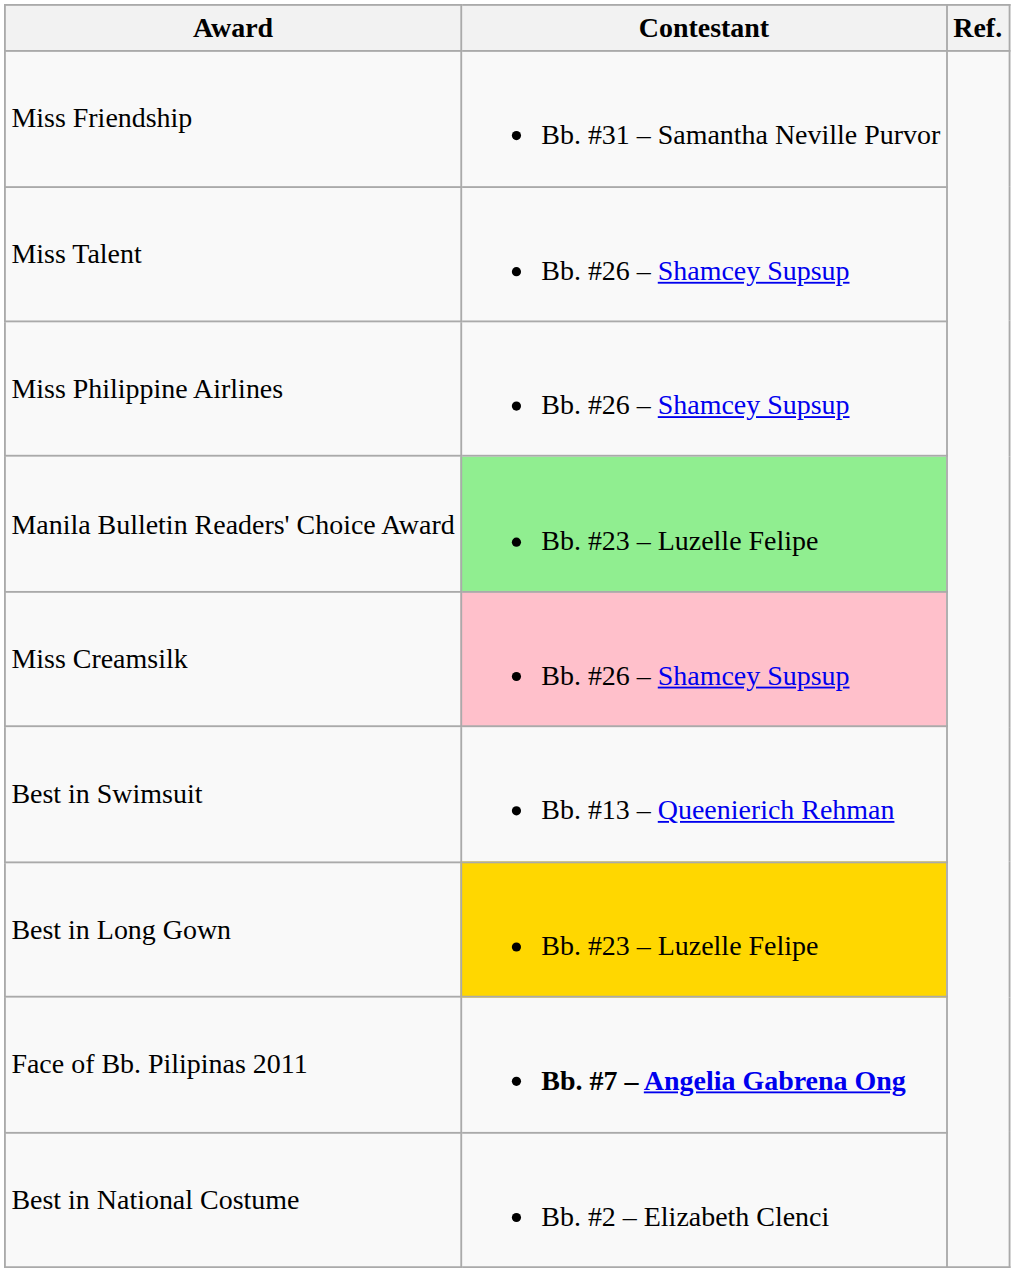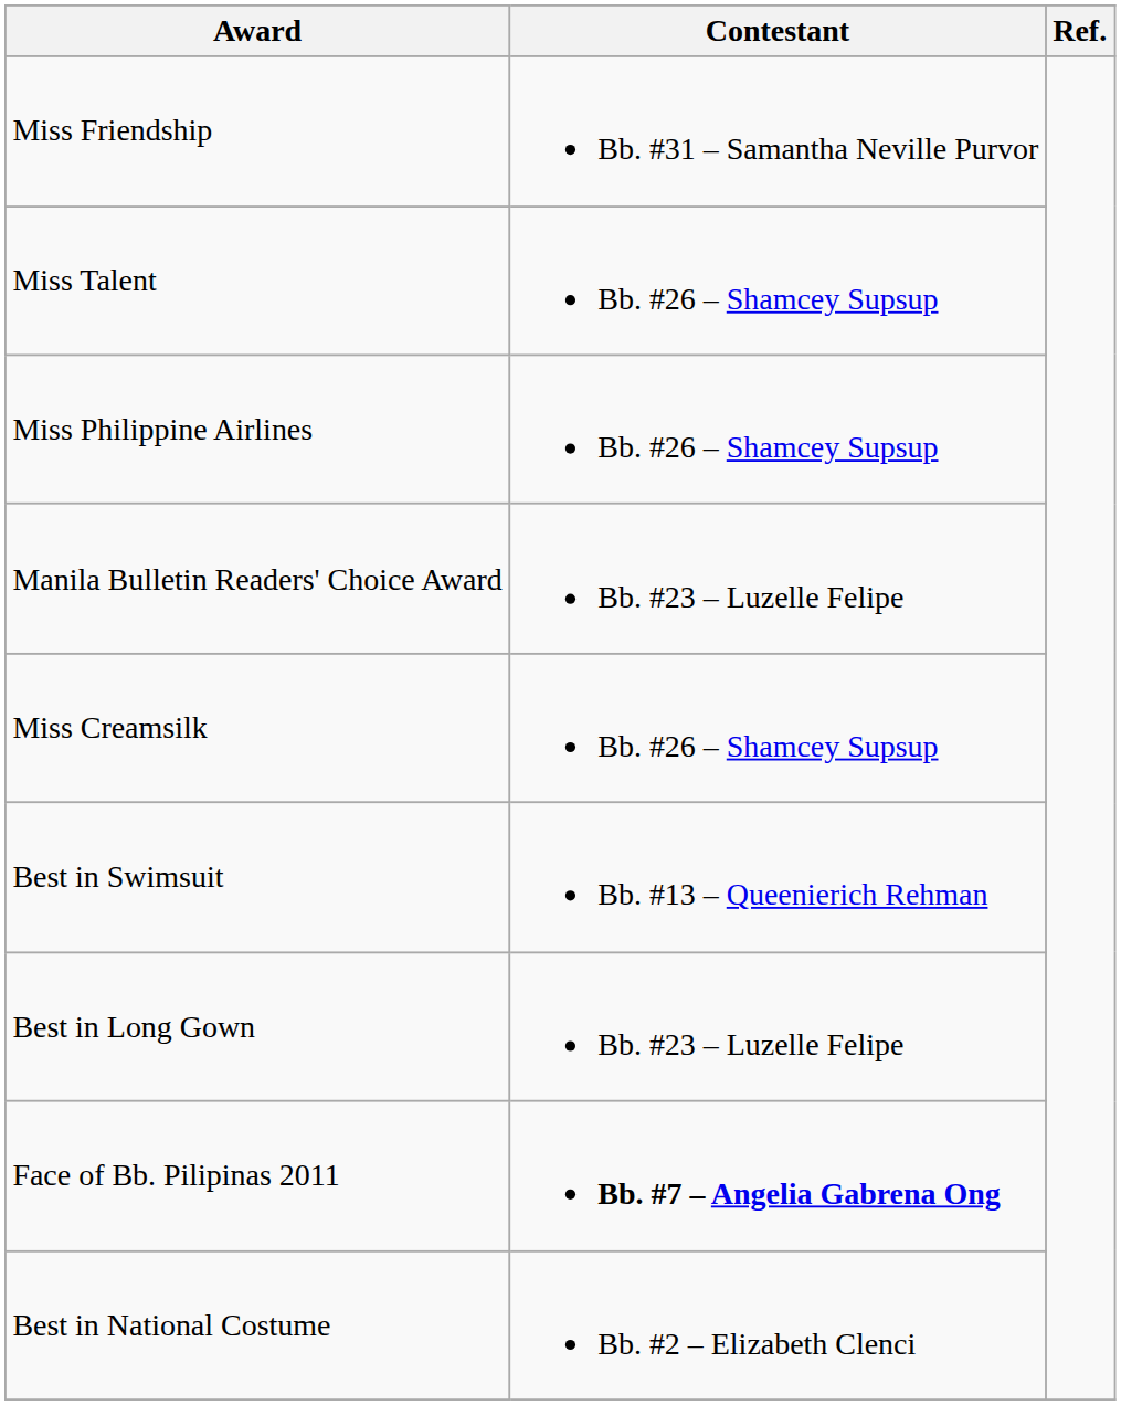 <table class="wikitable sortable" style="font-size: 95%;">
 <tr>
 <th>Award</th>
 <th>Contestant</th>
 <th>Ref.</th>
 </tr>
 <tr>
 <td>Miss Friendship</td>
 <td><br><ul><li>Bb. #31 – Samantha Neville Purvor</li></ul></td>
 <td rowspan="9"></td>
 </tr>
 <tr>
 <td>Miss Talent</td>
 <td><br><ul><li>Bb. #26 – <a href='#'>Shamcey Supsup</a></li></ul></td>
 </tr>
 <tr>
 <td>Miss Philippine Airlines</td>
 <td><br><ul><li>Bb. #26 – <a href='#'>Shamcey Supsup</a></li></ul></td>
 </tr>
 <tr>
 <td>Manila Bulletin Readers' Choice Award</td>
-<td style="background: lightgreen;"><br><ul><li>Bb. #23 – Luzelle Felipe</li></ul></td>
+<td><br><ul><li>Bb. #23 – Luzelle Felipe</li></ul></td>
 </tr>
 <tr>
 <td>Miss Creamsilk</td>
-<td style="background: pink;"><br><ul><li>Bb. #26 – <a href='#'>Shamcey Supsup</a></li></ul></td>
+<td><br><ul><li>Bb. #26 – <a href='#'>Shamcey Supsup</a></li></ul></td>
 </tr>
 <tr>
 <td>Best in Swimsuit</td>
 <td><br><ul><li>Bb. #13 – <a href='#'>Queenierich Rehman</a></li></ul></td>
 </tr>
 <tr>
 <td>Best in Long Gown</td>
-<td style="background: gold;"><br><ul><li>Bb. #23 – Luzelle Felipe</li></ul></td>
+<td><br><ul><li>Bb. #23 – Luzelle Felipe</li></ul></td>
 </tr>
 <tr>
 <td>Face of Bb. Pilipinas 2011</td>
 <td><strong><br><ul><li>Bb. #7 – <a href='#'>Angelia Gabrena Ong</a></li></ul></strong></td>
 </tr>
 <tr>
 <td>Best in National Costume</td>
 <td><br><ul><li>Bb. #2 – Elizabeth Clenci</li></ul></td>
 </tr>
 </table>
